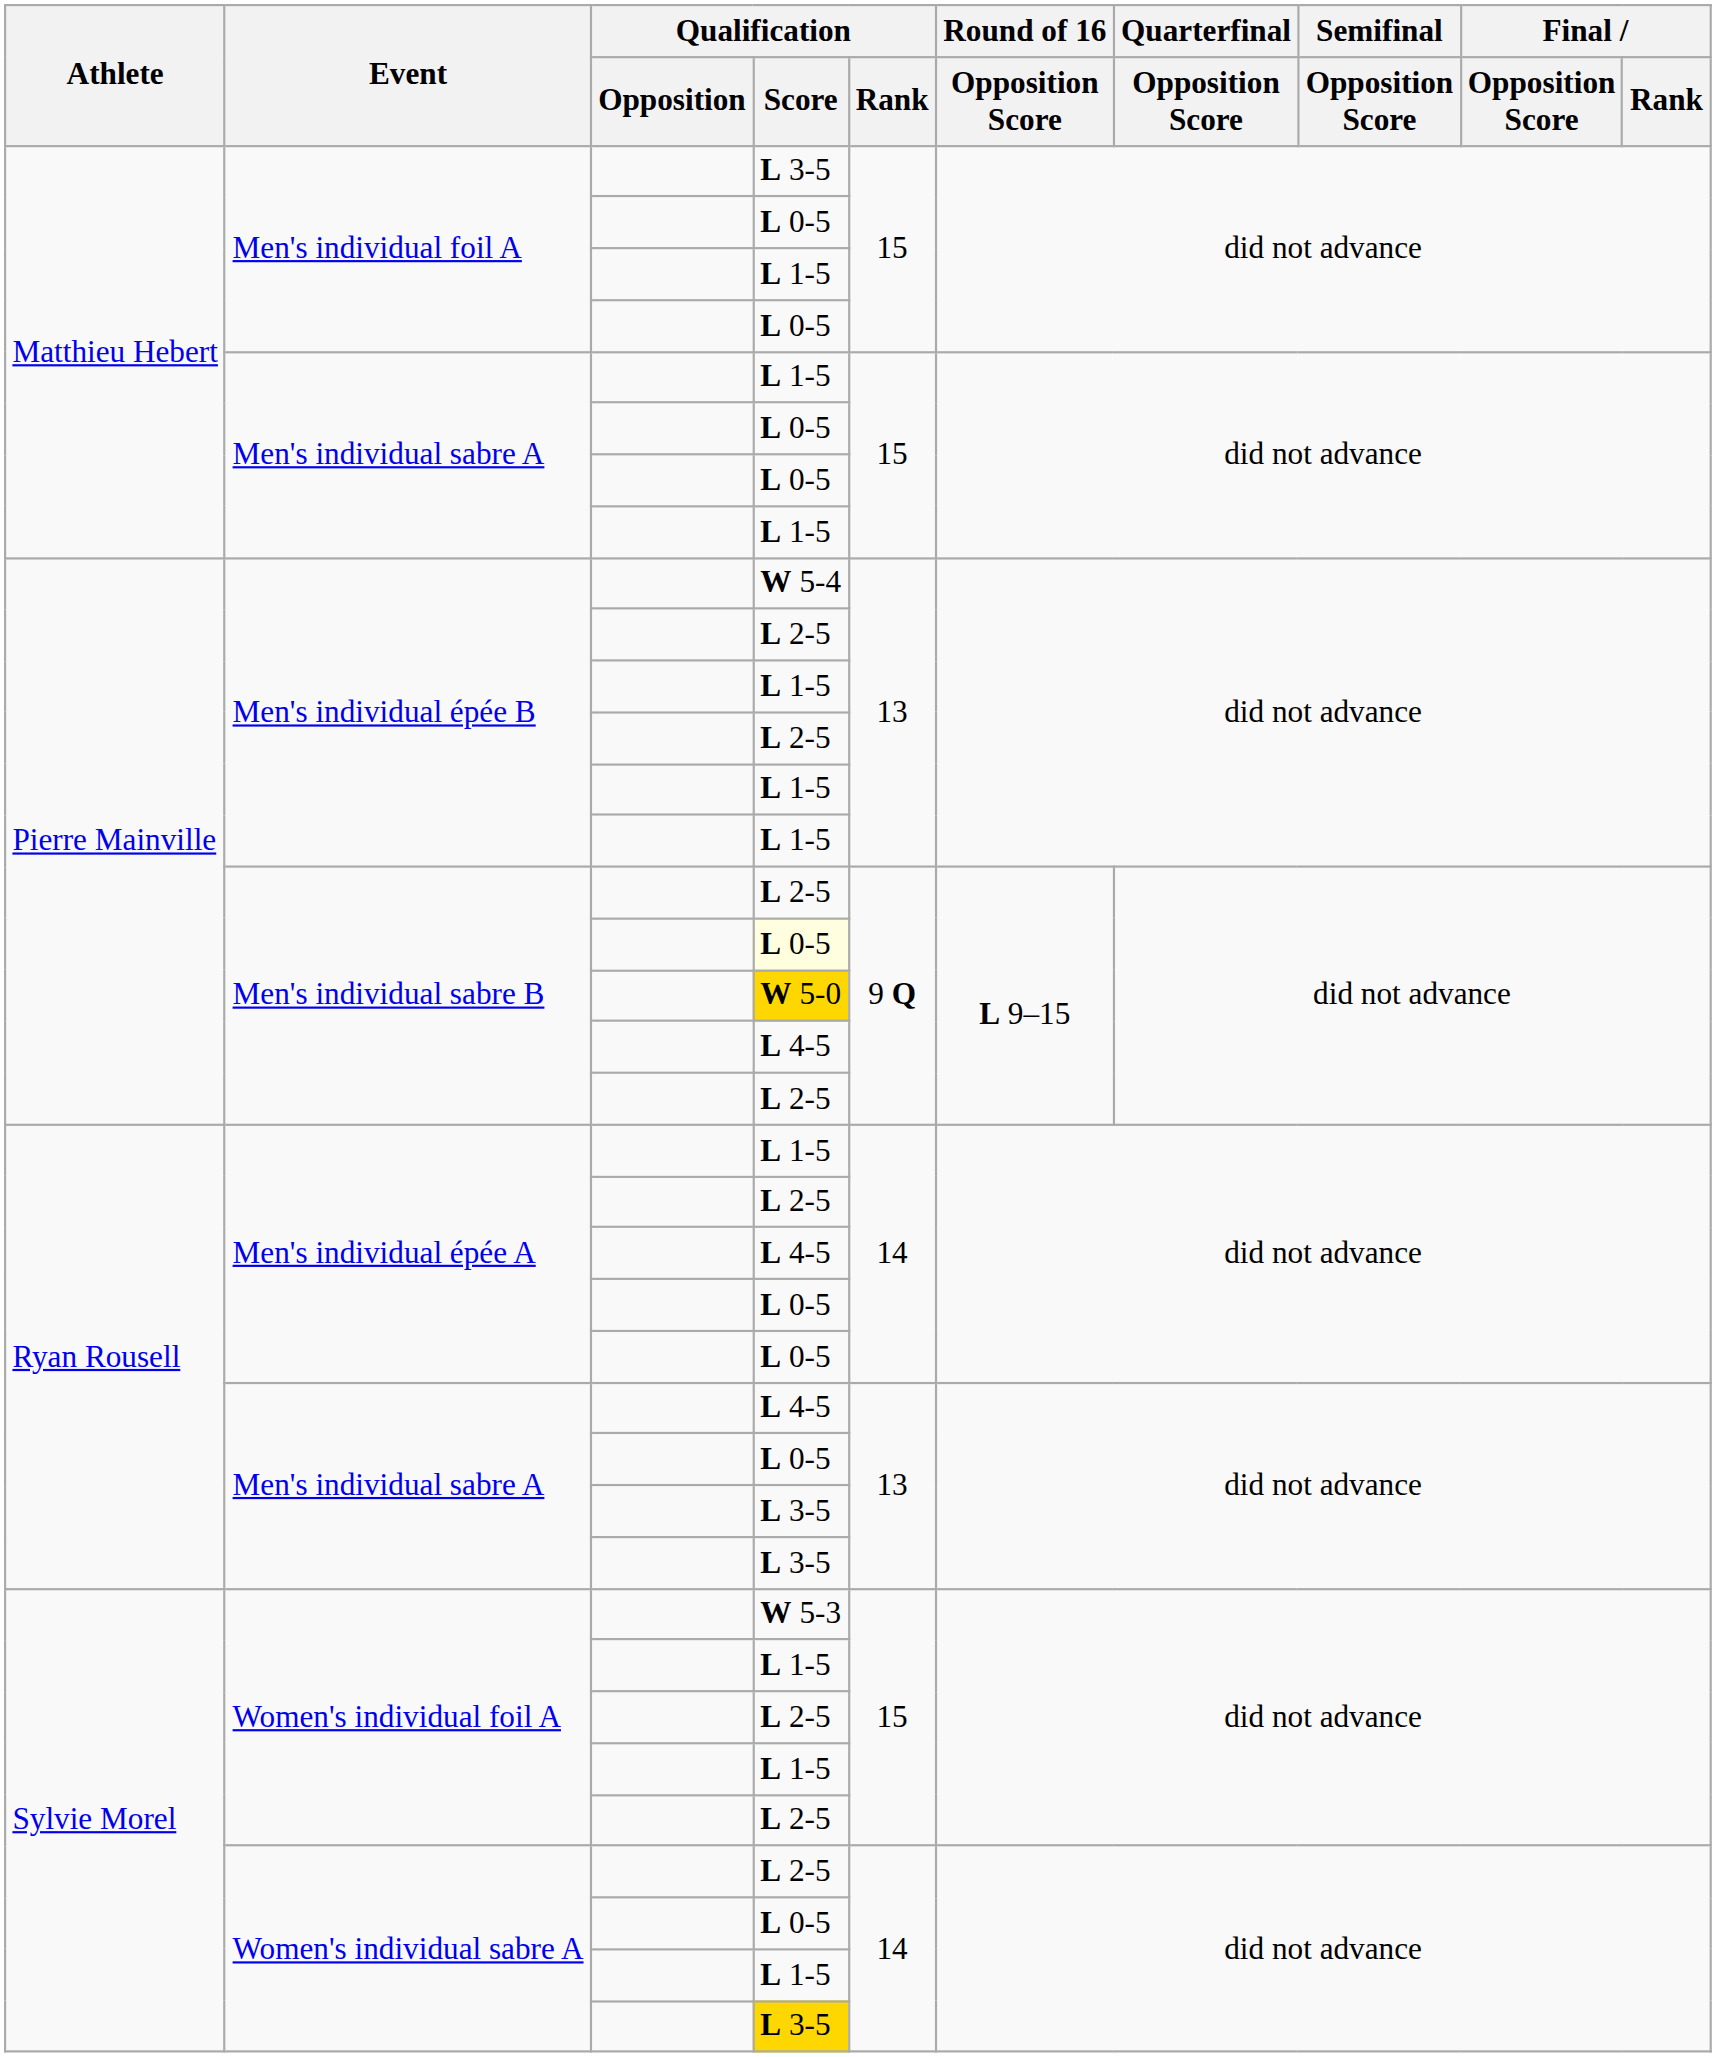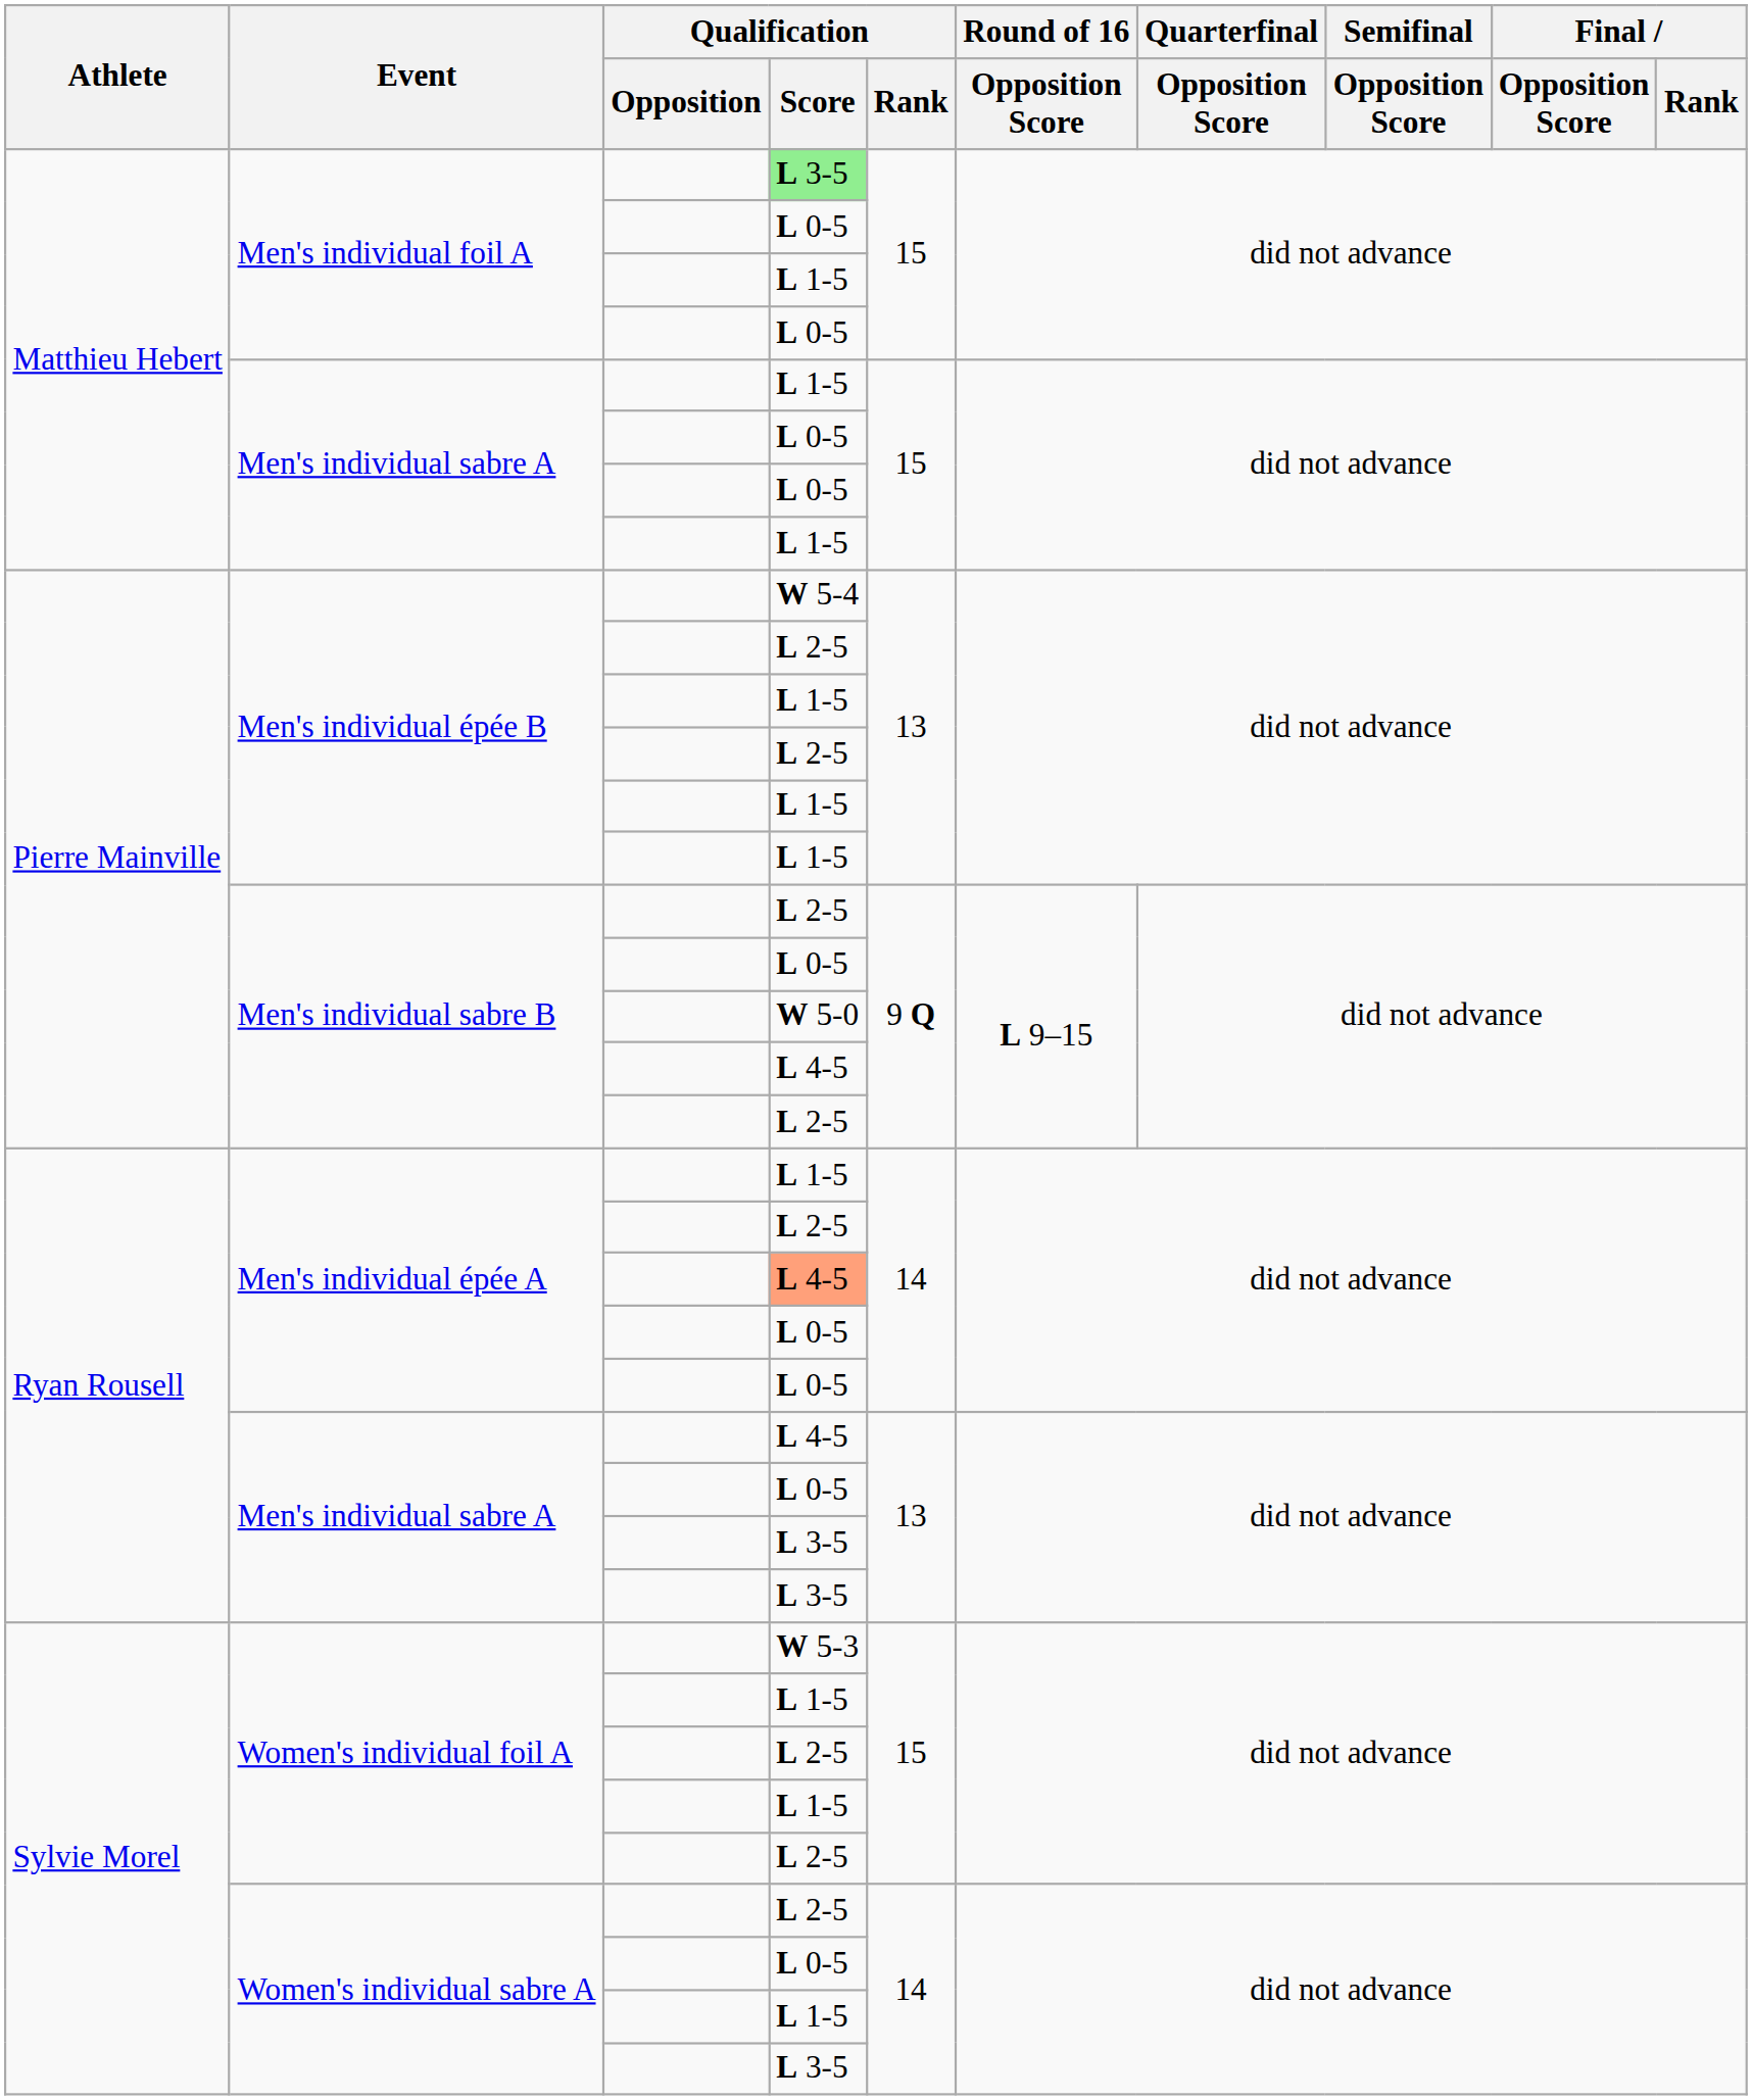 <table class=wikitable style="font-size:90%">
 <tr>
 <th rowspan="2">Athlete</th>
 <th rowspan="2">Event</th>
 <th colspan="3">Qualification</th>
 <th>Round of 16</th>
 <th>Quarterfinal</th>
 <th>Semifinal</th>
 <th colspan="2">Final / </th>
 </tr>
 <tr>
 <th>Opposition</th>
 <th>Score</th>
 <th>Rank</th>
 <th>Opposition<br>Score</th>
 <th>Opposition<br>Score</th>
 <th>Opposition<br>Score</th>
 <th>Opposition<br>Score</th>
 <th>Rank</th>
 </tr>
 <tr align=center>
 <td align=left rowspan=8><a href='#'>Matthieu Hebert</a></td>
 <td align=left rowspan=4><a href='#'>Men's individual foil A</a></td>
 <td align=left></td>
-<td align=left><strong>L</strong> 3-5</td>
+<td align=left style="background: lightgreen;"><strong>L</strong> 3-5</td>
 <td rowspan=4>15</td>
 <td rowspan=4 colspan=5>did not advance</td>
 </tr>
 <tr>
 <td></td>
 <td><strong>L</strong> 0-5</td>
 </tr>
 <tr>
 <td></td>
 <td><strong>L</strong> 1-5</td>
 </tr>
 <tr>
 <td></td>
 <td><strong>L</strong> 0-5</td>
 </tr>
 <tr align=center>
 <td align=left rowspan=4><a href='#'>Men's individual sabre A</a></td>
 <td align=left></td>
 <td align=left><strong>L</strong> 1-5</td>
 <td rowspan=4>15</td>
 <td rowspan=4 colspan=5>did not advance</td>
 </tr>
 <tr>
 <td></td>
 <td><strong>L</strong> 0-5</td>
 </tr>
 <tr>
 <td></td>
 <td><strong>L</strong> 0-5</td>
 </tr>
 <tr>
 <td></td>
 <td><strong>L</strong> 1-5</td>
 </tr>
 <tr align=center>
 <td align=left rowspan=11><a href='#'>Pierre Mainville</a></td>
 <td align=left rowspan=6><a href='#'>Men's individual épée B</a></td>
 <td align=left></td>
 <td align=left><strong>W</strong> 5-4</td>
 <td rowspan=6>13</td>
 <td rowspan=6 colspan=5>did not advance</td>
 </tr>
 <tr>
 <td></td>
 <td><strong>L</strong> 2-5</td>
 </tr>
 <tr>
 <td></td>
 <td><strong>L</strong> 1-5</td>
 </tr>
 <tr>
 <td></td>
 <td><strong>L</strong> 2-5</td>
 </tr>
 <tr>
 <td></td>
 <td><strong>L</strong> 1-5</td>
 </tr>
 <tr>
 <td></td>
 <td><strong>L</strong> 1-5</td>
 </tr>
 <tr align=center>
 <td align=left rowspan=5><a href='#'>Men's individual sabre B</a></td>
 <td align=left></td>
 <td align=left><strong>L</strong> 2-5</td>
 <td rowspan=5>9 <strong>Q</strong></td>
 <td rowspan=5><br><strong>L</strong> 9–15</td>
 <td rowspan=5 colspan=4>did not advance</td>
 </tr>
 <tr>
 <td></td>
-<td style="background: lightyellow;"><strong>L</strong> 0-5</td>
+<td><strong>L</strong> 0-5</td>
 </tr>
 <tr>
 <td></td>
-<td style="background: gold;"><strong>W</strong> 5-0</td>
+<td><strong>W</strong> 5-0</td>
 </tr>
 <tr>
 <td></td>
 <td><strong>L</strong> 4-5</td>
 </tr>
 <tr>
 <td></td>
 <td><strong>L</strong> 2-5</td>
 </tr>
 <tr align=center>
 <td align=left rowspan=9><a href='#'>Ryan Rousell</a></td>
 <td align=left rowspan=5><a href='#'>Men's individual épée A</a></td>
 <td align=left></td>
 <td align=left><strong>L</strong> 1-5</td>
 <td rowspan=5>14</td>
 <td rowspan=5 colspan=5>did not advance</td>
 </tr>
 <tr>
 <td></td>
 <td><strong>L</strong> 2-5</td>
 </tr>
 <tr>
 <td></td>
-<td><strong>L</strong> 4-5</td>
+<td style="background: lightsalmon;"><strong>L</strong> 4-5</td>
 </tr>
 <tr>
 <td></td>
 <td><strong>L</strong> 0-5</td>
 </tr>
 <tr>
 <td></td>
 <td><strong>L</strong> 0-5</td>
 </tr>
 <tr align=center>
 <td align=left rowspan=4><a href='#'>Men's individual sabre A</a></td>
 <td align=left></td>
 <td align=left><strong>L</strong> 4-5</td>
 <td rowspan=4>13</td>
 <td rowspan=4 colspan=5>did not advance</td>
 </tr>
 <tr>
 <td></td>
 <td><strong>L</strong> 0-5</td>
 </tr>
 <tr>
 <td></td>
 <td><strong>L</strong> 3-5</td>
 </tr>
 <tr>
 <td></td>
 <td><strong>L</strong> 3-5</td>
 </tr>
 <tr align=center>
 <td align=left rowspan=9><a href='#'>Sylvie Morel</a></td>
 <td align=left rowspan=5><a href='#'>Women's individual foil A</a></td>
 <td align=left></td>
 <td align=left><strong>W</strong> 5-3</td>
 <td rowspan=5>15</td>
 <td rowspan=5 colspan=5>did not advance</td>
 </tr>
 <tr>
 <td></td>
 <td><strong>L</strong> 1-5</td>
 </tr>
 <tr>
 <td></td>
 <td><strong>L</strong> 2-5</td>
 </tr>
 <tr>
 <td></td>
 <td><strong>L</strong> 1-5</td>
 </tr>
 <tr>
 <td></td>
 <td><strong>L</strong> 2-5</td>
 </tr>
 <tr align=center>
 <td align=left rowspan=4><a href='#'>Women's individual sabre A</a></td>
 <td align=left></td>
 <td align=left><strong>L</strong> 2-5</td>
 <td rowspan=4>14</td>
 <td rowspan=4 colspan=5>did not advance</td>
 </tr>
 <tr>
 <td></td>
 <td><strong>L</strong> 0-5</td>
 </tr>
 <tr>
 <td></td>
 <td><strong>L</strong> 1-5</td>
 </tr>
 <tr>
 <td></td>
-<td style="background: gold;"><strong>L</strong> 3-5</td>
+<td><strong>L</strong> 3-5</td>
 </tr>
 </table>
